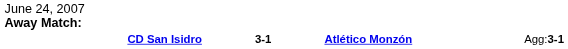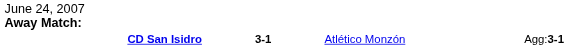 <table width=100% cellspacing=1>
 <tr>
 <th width=20%></th>
 <th width=12%></th>
 <th width=20%></th>
 <th></th>
 </tr>
 <tr>
 <td>June 24, 2007<br><strong>Away Match:</strong></td>
 </tr>
 <tr style=font-size:90%>
 <td align=right><strong><a href='#'>CD San Isidro</a></strong></td>
 <td align=center><strong>3-1</strong></td>
-<td><strong><a href='#'>Atlético Monzón</a></strong></td>
+<td><a href='#'>Atlético Monzón</a></td>
 <td>Agg:<strong>3-1</strong></td>
 </tr>
 </table>
